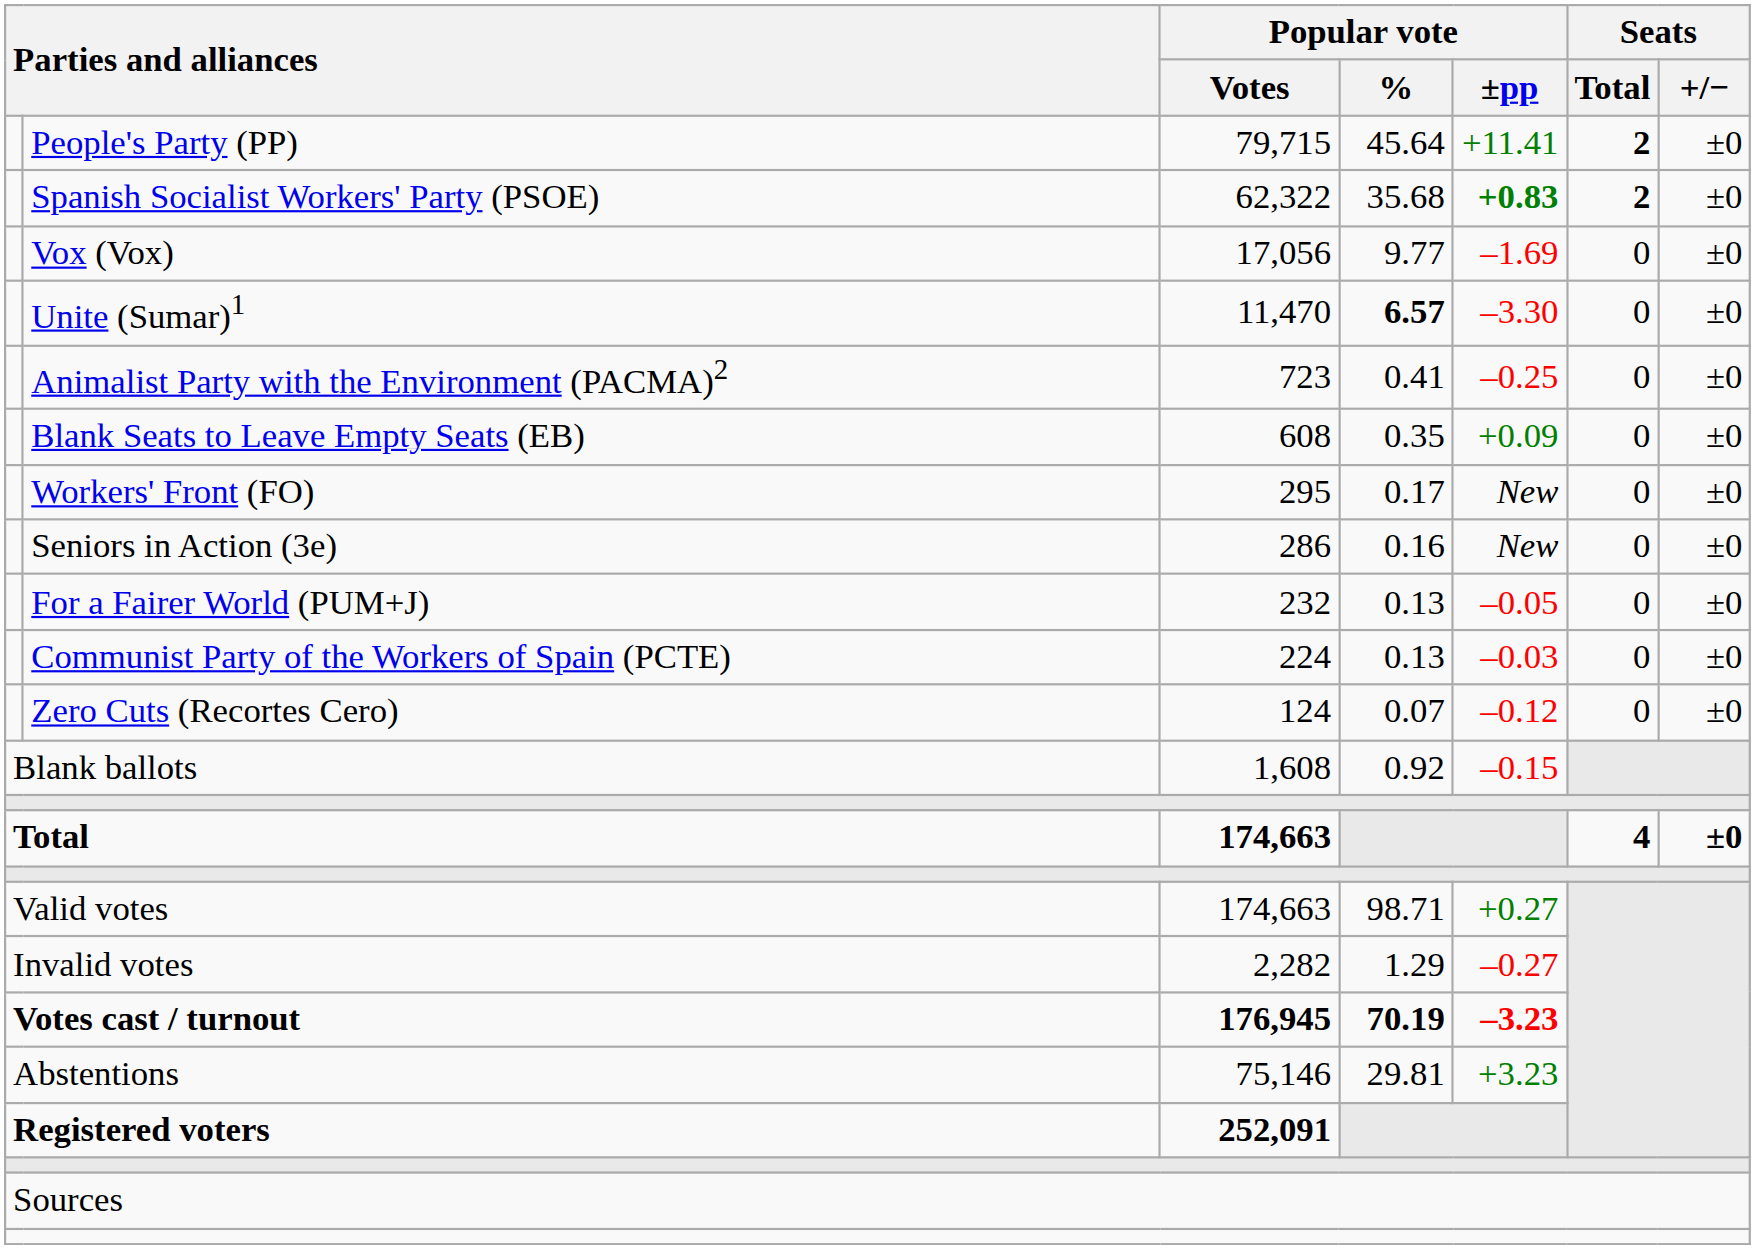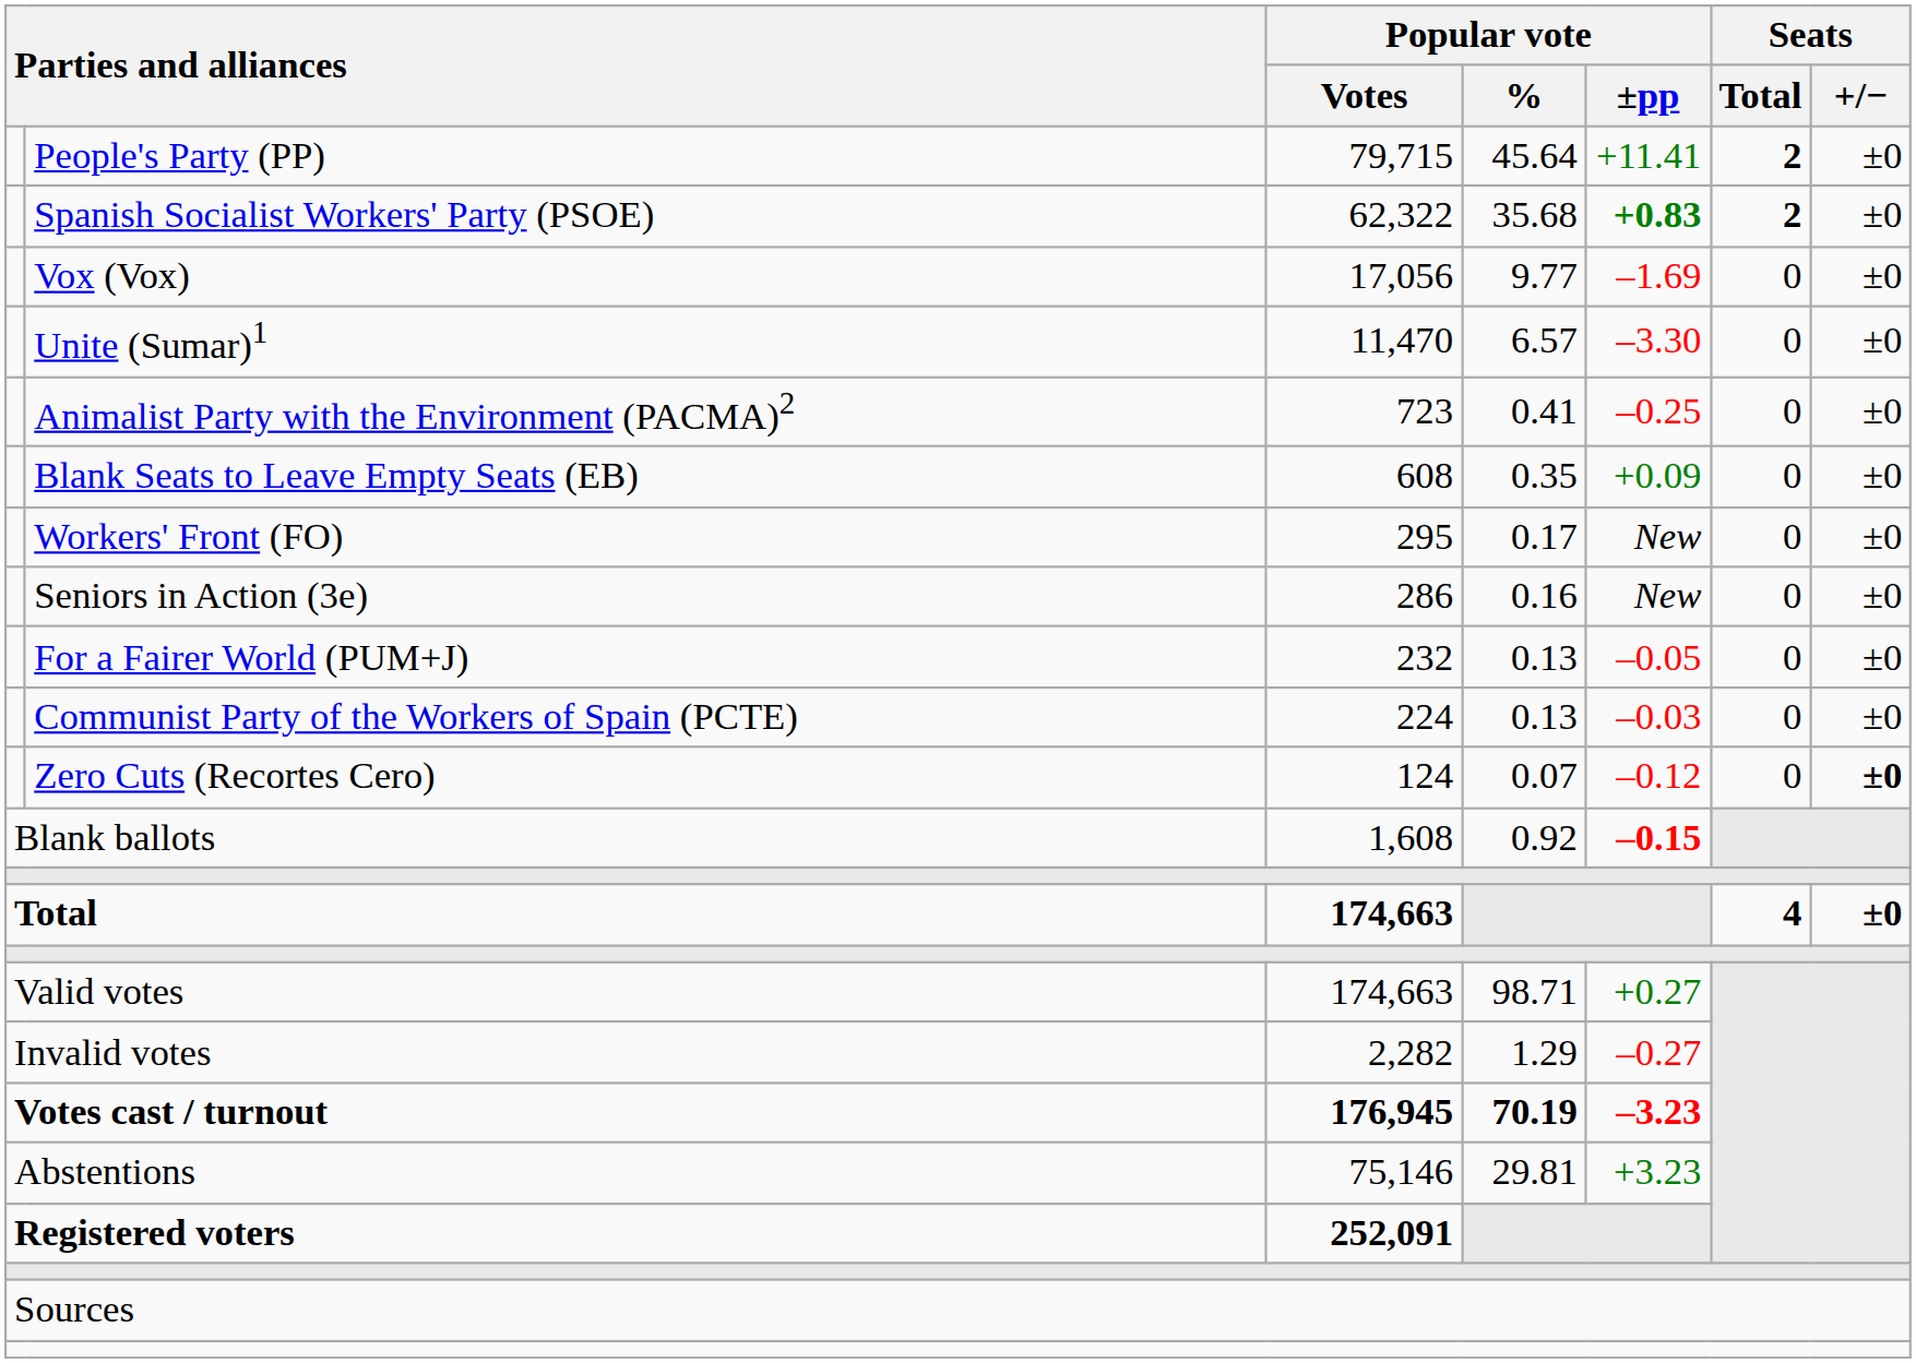 <table class="wikitable" style="text-align:right;">
 <tr>
 <th style="text-align:left;" rowspan="2" colspan="2" width="525">Parties and alliances</th>
 <th colspan="3">Popular vote</th>
 <th colspan="2">Seats</th>
 </tr>
 <tr>
 <th width="75">Votes</th>
 <th width="45">%</th>
 <th width="45">±<a href='#'>pp</a></th>
 <th width="35">Total</th>
 <th width="35">+/−</th>
 </tr>
 <tr>
 <td width="1" style="color:inherit;background:"></td>
 <td align="left"><a href='#'>People's Party</a> (PP)</td>
 <td>79,715</td>
 <td>45.64</td>
 <td style="color:green;">+11.41</td>
 <td><strong>2</strong></td>
 <td>±0</td>
 </tr>
 <tr>
 <td style="color:inherit;background:"></td>
 <td align="left"><a href='#'>Spanish Socialist Workers' Party</a> (PSOE)</td>
 <td>62,322</td>
 <td>35.68</td>
 <td style="color:green;"><strong>+0.83</strong></td>
 <td><strong>2</strong></td>
 <td>±0</td>
 </tr>
 <tr>
 <td style="color:inherit;background:"></td>
 <td align="left"><a href='#'>Vox</a> (Vox)</td>
 <td>17,056</td>
 <td>9.77</td>
 <td style="color:red;">–1.69</td>
 <td>0</td>
 <td>±0</td>
 </tr>
 <tr>
 <td style="color:inherit;background:"></td>
 <td align="left"><a href='#'>Unite</a> (Sumar)<sup>1</sup></td>
 <td>11,470</td>
-<td><strong>6.57</strong></td>
+<td>6.57</td>
 <td style="color:red;">–3.30</td>
 <td>0</td>
 <td>±0</td>
 </tr>
 <tr>
 <td style="color:inherit;background:"></td>
 <td align="left"><a href='#'>Animalist Party with the Environment</a> (PACMA)<sup>2</sup></td>
 <td>723</td>
 <td>0.41</td>
 <td style="color:red;">–0.25</td>
 <td>0</td>
 <td>±0</td>
 </tr>
 <tr>
 <td style="color:inherit;background:"></td>
 <td align="left"><a href='#'>Blank Seats to Leave Empty Seats</a> (EB)</td>
 <td>608</td>
 <td>0.35</td>
 <td style="color:green;">+0.09</td>
 <td>0</td>
 <td>±0</td>
 </tr>
 <tr>
 <td style="color:inherit;background:"></td>
 <td align="left"><a href='#'>Workers' Front</a> (FO)</td>
 <td>295</td>
 <td>0.17</td>
 <td><em>New</em></td>
 <td>0</td>
 <td>±0</td>
 </tr>
 <tr>
 <td style="color:inherit;background:"></td>
 <td align="left">Seniors in Action (3e)</td>
 <td>286</td>
 <td>0.16</td>
 <td><em>New</em></td>
 <td>0</td>
 <td>±0</td>
 </tr>
 <tr>
 <td style="color:inherit;background:"></td>
 <td align="left"><a href='#'>For a Fairer World</a> (PUM+J)</td>
 <td>232</td>
 <td>0.13</td>
 <td style="color:red;">–0.05</td>
 <td>0</td>
 <td>±0</td>
 </tr>
 <tr>
 <td style="color:inherit;background:"></td>
 <td align="left"><a href='#'>Communist Party of the Workers of Spain</a> (PCTE)</td>
 <td>224</td>
 <td>0.13</td>
 <td style="color:red;">–0.03</td>
 <td>0</td>
 <td>±0</td>
 </tr>
 <tr>
 <td style="color:inherit;background:"></td>
 <td align="left"><a href='#'>Zero Cuts</a> (Recortes Cero)</td>
 <td>124</td>
 <td>0.07</td>
 <td style="color:red;">–0.12</td>
 <td>0</td>
-<td>±0</td>
+<td><strong>±0</strong></td>
 </tr>
 <tr>
 <td align="left" colspan="2">Blank ballots</td>
 <td>1,608</td>
 <td>0.92</td>
-<td style="color:red;">–0.15</td>
+<td style="color:red;"><strong>–0.15</strong></td>
 <td bgcolor="#E9E9E9" colspan="2"></td>
 </tr>
 <tr>
 <td colspan="7" bgcolor="#E9E9E9"></td>
 </tr>
 <tr style="font-weight:bold;">
 <td align="left" colspan="2">Total</td>
 <td>174,663</td>
 <td bgcolor="#E9E9E9" colspan="2"></td>
 <td>4</td>
 <td>±0</td>
 </tr>
 <tr>
 <td colspan="7" bgcolor="#E9E9E9"></td>
 </tr>
 <tr>
 <td align="left" colspan="2">Valid votes</td>
 <td>174,663</td>
 <td>98.71</td>
 <td style="color:green;">+0.27</td>
 <td bgcolor="#E9E9E9" colspan="2" rowspan="5"></td>
 </tr>
 <tr>
 <td align="left" colspan="2">Invalid votes</td>
 <td>2,282</td>
 <td>1.29</td>
 <td style="color:red;">–0.27</td>
 </tr>
 <tr style="font-weight:bold;">
 <td align="left" colspan="2">Votes cast / turnout</td>
 <td>176,945</td>
 <td>70.19</td>
 <td style="color:red;">–3.23</td>
 </tr>
 <tr>
 <td align="left" colspan="2">Abstentions</td>
 <td>75,146</td>
 <td>29.81</td>
 <td style="color:green;">+3.23</td>
 </tr>
 <tr style="font-weight:bold;">
 <td align="left" colspan="2">Registered voters</td>
 <td>252,091</td>
 <td bgcolor="#E9E9E9" colspan="2"></td>
 </tr>
 <tr>
 <td colspan="7" bgcolor="#E9E9E9"></td>
 </tr>
 <tr>
 <td align="left" colspan="7">Sources</td>
 </tr>
 <tr>
 <td colspan="7" style="text-align:left; max-width:790px;"></td>
 </tr>
 </table>
